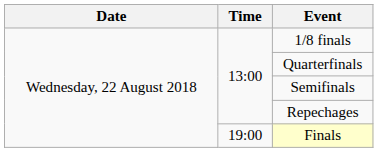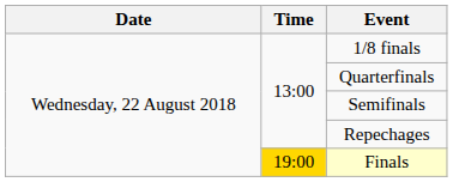 <table class = "wikitable" style="text-align:center;">
 <tr>
 <th width=220>Date</th>
 <th width=50>Time</th>
 <th width=100>Event</th>
 </tr>
 <tr>
 <td rowspan=5>Wednesday, 22 August 2018</td>
 <td rowspan=4>13:00</td>
 <td>1/8 finals</td>
 </tr>
 <tr>
 <td>Quarterfinals</td>
 </tr>
 <tr>
 <td>Semifinals</td>
 </tr>
 <tr>
 <td>Repechages</td>
 </tr>
 <tr>
-<td>19:00</td>
+<td style="background: gold;">19:00</td>
 <td bgcolor=ffffcc>Finals</td>
 </tr>
 </table>
